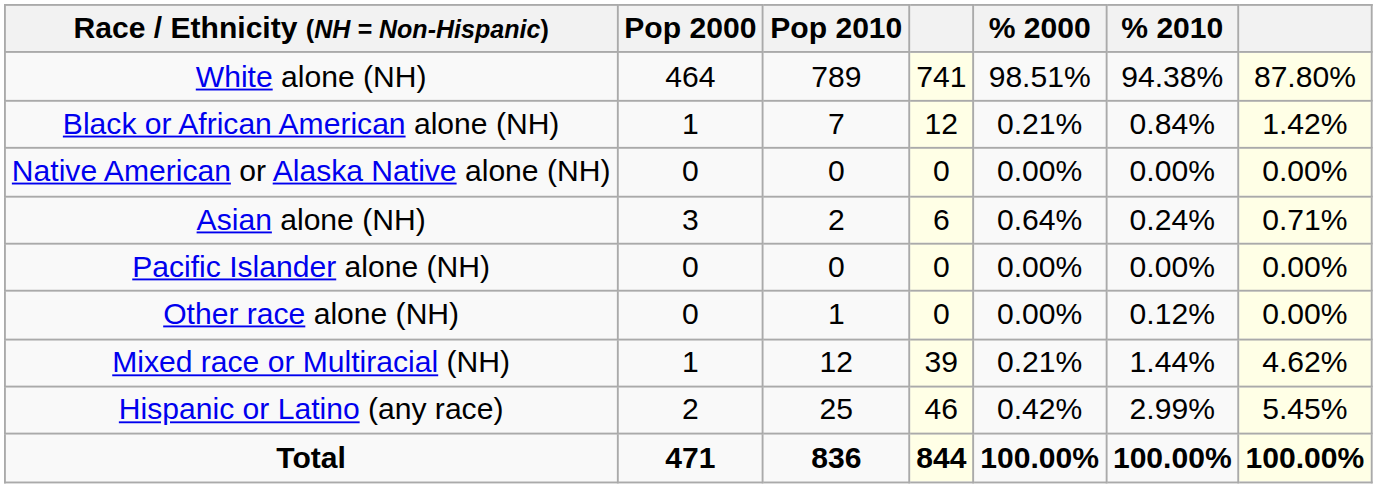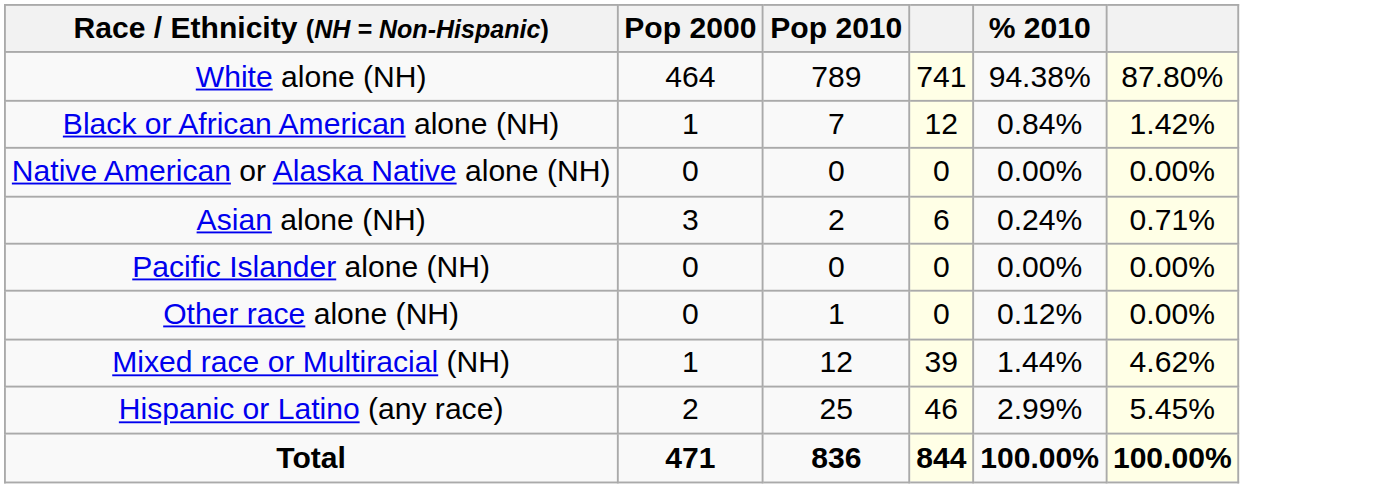 <table class="wikitable" style="text-align:center;">
 <tr>
 <th>Race / Ethnicity <small>(<em>NH = Non-Hispanic</em>)</small></th>
 <th>Pop 2000</th>
 <th>Pop 2010</th>
 <th></th>
-<th>% 2000</th>
 <th>% 2010</th>
 <th></th>
 </tr>
 <tr>
 <td><a href='#'>White</a> alone (NH)</td>
 <td>464</td>
 <td>789</td>
 <td style='background: #ffffe6;'>741</td>
-<td>98.51%</td>
 <td>94.38%</td>
 <td style='background: #ffffe6;'>87.80%</td>
 </tr>
 <tr>
 <td><a href='#'>Black or African American</a> alone (NH)</td>
 <td>1</td>
 <td>7</td>
 <td style='background: #ffffe6;'>12</td>
-<td>0.21%</td>
 <td>0.84%</td>
 <td style='background: #ffffe6;'>1.42%</td>
 </tr>
 <tr>
 <td><a href='#'>Native American</a> or <a href='#'>Alaska Native</a> alone (NH)</td>
 <td>0</td>
 <td>0</td>
 <td style='background: #ffffe6;'>0</td>
 <td>0.00%</td>
-<td>0.00%</td>
 <td style='background: #ffffe6;'>0.00%</td>
 </tr>
 <tr>
 <td><a href='#'>Asian</a> alone (NH)</td>
 <td>3</td>
 <td>2</td>
 <td style='background: #ffffe6;'>6</td>
-<td>0.64%</td>
 <td>0.24%</td>
 <td style='background: #ffffe6;'>0.71%</td>
 </tr>
 <tr>
 <td><a href='#'>Pacific Islander</a> alone (NH)</td>
 <td>0</td>
 <td>0</td>
 <td style='background: #ffffe6;'>0</td>
 <td>0.00%</td>
-<td>0.00%</td>
 <td style='background: #ffffe6;'>0.00%</td>
 </tr>
 <tr>
 <td><a href='#'>Other race</a> alone (NH)</td>
 <td>0</td>
 <td>1</td>
 <td style='background: #ffffe6;'>0</td>
-<td>0.00%</td>
 <td>0.12%</td>
 <td style='background: #ffffe6;'>0.00%</td>
 </tr>
 <tr>
 <td><a href='#'>Mixed race or Multiracial</a> (NH)</td>
 <td>1</td>
 <td>12</td>
 <td style='background: #ffffe6;'>39</td>
-<td>0.21%</td>
 <td>1.44%</td>
 <td style='background: #ffffe6;'>4.62%</td>
 </tr>
 <tr>
 <td><a href='#'>Hispanic or Latino</a> (any race)</td>
 <td>2</td>
 <td>25</td>
 <td style='background: #ffffe6;'>46</td>
-<td>0.42%</td>
 <td>2.99%</td>
 <td style='background: #ffffe6;'>5.45%</td>
 </tr>
 <tr>
 <td><strong>Total</strong></td>
 <td><strong>471</strong></td>
 <td><strong>836</strong></td>
 <td style='background: #ffffe6;'><strong>844</strong></td>
 <td><strong>100.00%</strong></td>
-<td><strong>100.00%</strong></td>
 <td style='background: #ffffe6;'><strong>100.00%</strong></td>
 </tr>
 </table>
